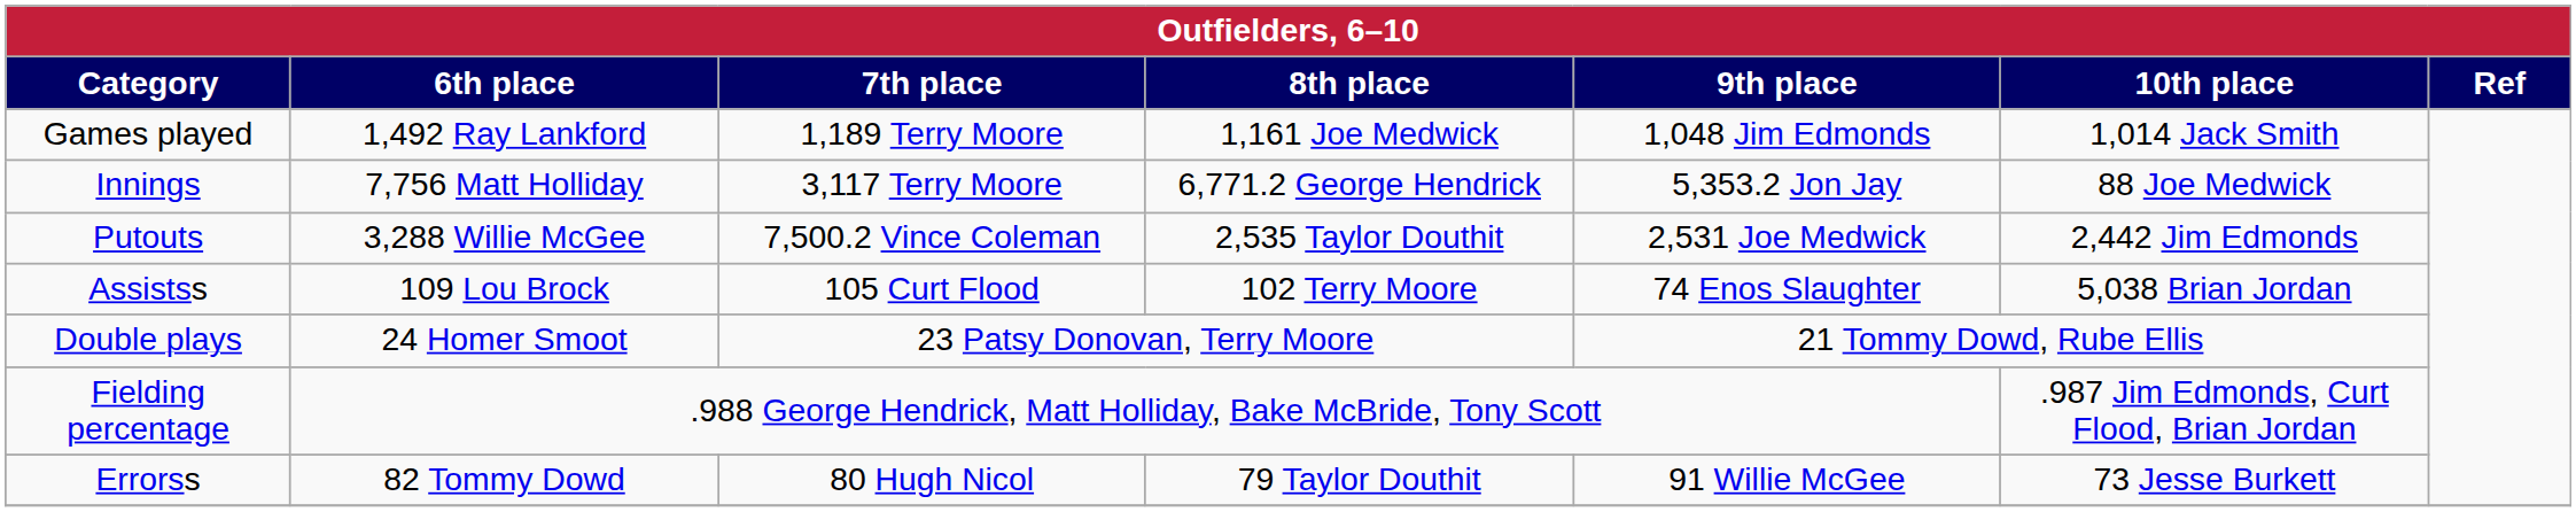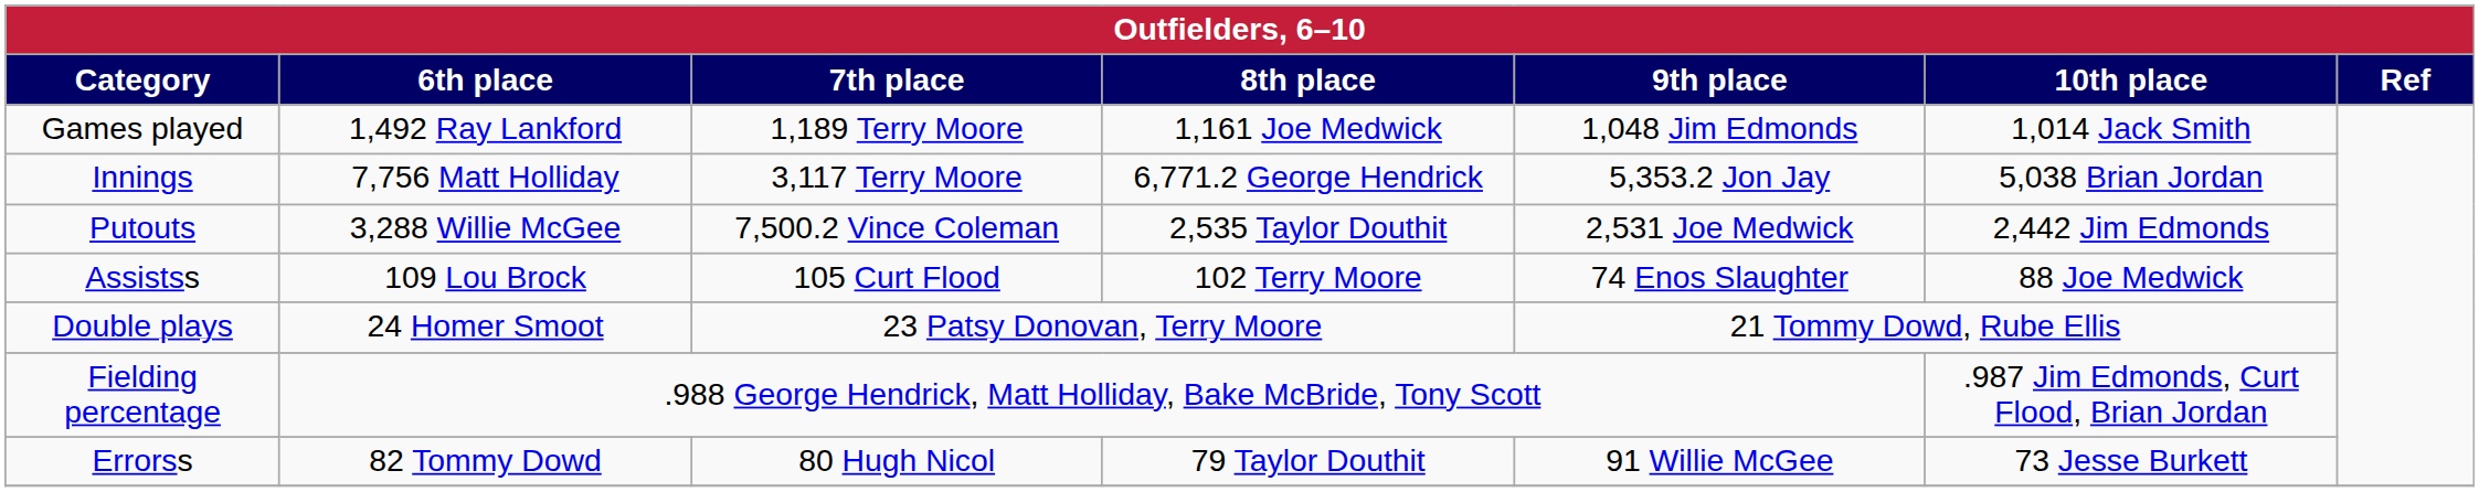 <table class="wikitable" style="text-align:center; width:100%">
 <tr>
 <th colspan=7 style="background:#C41E3A;color:#FFFFFF;">Outfielders, 6–10</th>
 </tr>
 <tr>
 <th scope="col" width=10% style="background:#000066;color:#FFFFFF;">Category</th>
 <th scope="col" width=15% style="background:#000066;color:#FFFFFF;">6th place</th>
 <th scope="col" width=15% style="background:#000066;color:#FFFFFF;">7th place</th>
 <th scope="col" width=15% style="background:#000066;color:#FFFFFF;">8th place</th>
 <th scope="col" width=15% style="background:#000066;color:#FFFFFF;">9th place</th>
 <th scope="col" width=15% style="background:#000066;color:#FFFFFF;">10th place</th>
 <th scope="col" width=5% style="background:#000066;color:#FFFFFF;">Ref</th>
 </tr>
 <tr>
 <td>Games played</td>
 <td>1,492 <a href='#'>Ray Lankford</a></td>
 <td>1,189 <a href='#'>Terry Moore</a></td>
 <td>1,161 <a href='#'>Joe Medwick</a></td>
 <td>1,048 <a href='#'>Jim Edmonds</a></td>
 <td>1,014 <a href='#'>Jack Smith</a></td>
 <td rowspan="7" style="text-align: center;"></td>
 </tr>
 <tr>
 <td><a href='#'>Innings</a></td>
 <td>7,756 <a href='#'>Matt Holliday</a></td>
 <td>3,117 <a href='#'>Terry Moore</a></td>
 <td>6,771.2 <a href='#'>George Hendrick</a></td>
 <td>5,353.2 <a href='#'>Jon Jay</a></td>
-<td>88 <a href='#'>Joe Medwick</a></td>
+<td>5,038 <a href='#'>Brian Jordan</a></td>
 </tr>
 <tr>
 <td><a href='#'>Putouts</a></td>
 <td>3,288 <a href='#'>Willie McGee</a></td>
 <td>7,500.2 <a href='#'>Vince Coleman</a></td>
 <td>2,535 <a href='#'>Taylor Douthit</a></td>
 <td>2,531 <a href='#'>Joe Medwick</a></td>
 <td>2,442 <a href='#'>Jim Edmonds</a></td>
 </tr>
 <tr>
 <td><a href='#'>Assists</a>s</td>
 <td>109 <a href='#'>Lou Brock</a></td>
 <td>105 <a href='#'>Curt Flood</a></td>
 <td>102 <a href='#'>Terry Moore</a></td>
 <td>74 <a href='#'>Enos Slaughter</a></td>
-<td>5,038 <a href='#'>Brian Jordan</a></td>
+<td>88 <a href='#'>Joe Medwick</a></td>
 </tr>
 <tr>
 <td><a href='#'>Double plays</a></td>
 <td>24 <a href='#'>Homer Smoot</a></td>
 <td colspan="2" style="text-align: center;">23 <a href='#'>Patsy Donovan</a>, <a href='#'>Terry Moore</a></td>
 <td colspan="2" style="text-align: center;">21 <a href='#'>Tommy Dowd</a>, <a href='#'>Rube Ellis</a></td>
 </tr>
 <tr>
 <td><a href='#'>Fielding percentage</a></td>
 <td colspan="4" style="text-align: center;">.988 <a href='#'>George Hendrick</a>, <a href='#'>Matt Holliday</a>, <a href='#'>Bake McBride</a>, <a href='#'>Tony Scott</a></td>
 <td>.987 <a href='#'>Jim Edmonds</a>, <a href='#'>Curt Flood</a>, <a href='#'>Brian Jordan</a></td>
 </tr>
 <tr>
 <td><a href='#'>Errors</a>s</td>
 <td>82 <a href='#'>Tommy Dowd</a></td>
 <td>80 <a href='#'>Hugh Nicol</a></td>
 <td>79 <a href='#'>Taylor Douthit</a></td>
 <td>91 <a href='#'>Willie McGee</a></td>
 <td>73 <a href='#'>Jesse Burkett</a></td>
 </tr>
 <tr>
 </tr>
 </table>
